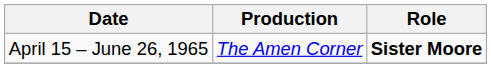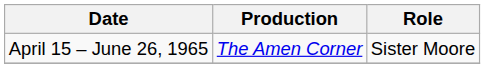 <table class="wikitable sortable">
 <tr>
 <th>Date</th>
 <th>Production</th>
 <th>Role</th>
 </tr>
 <tr>
 <td>April 15 – June 26, 1965</td>
 <td><em><a href='#'>The Amen Corner</a></em></td>
-<td><strong>Sister Moore</strong></td>
+<td>Sister Moore</td>
 </tr>
 <tr>
 </tr>
 </table>
